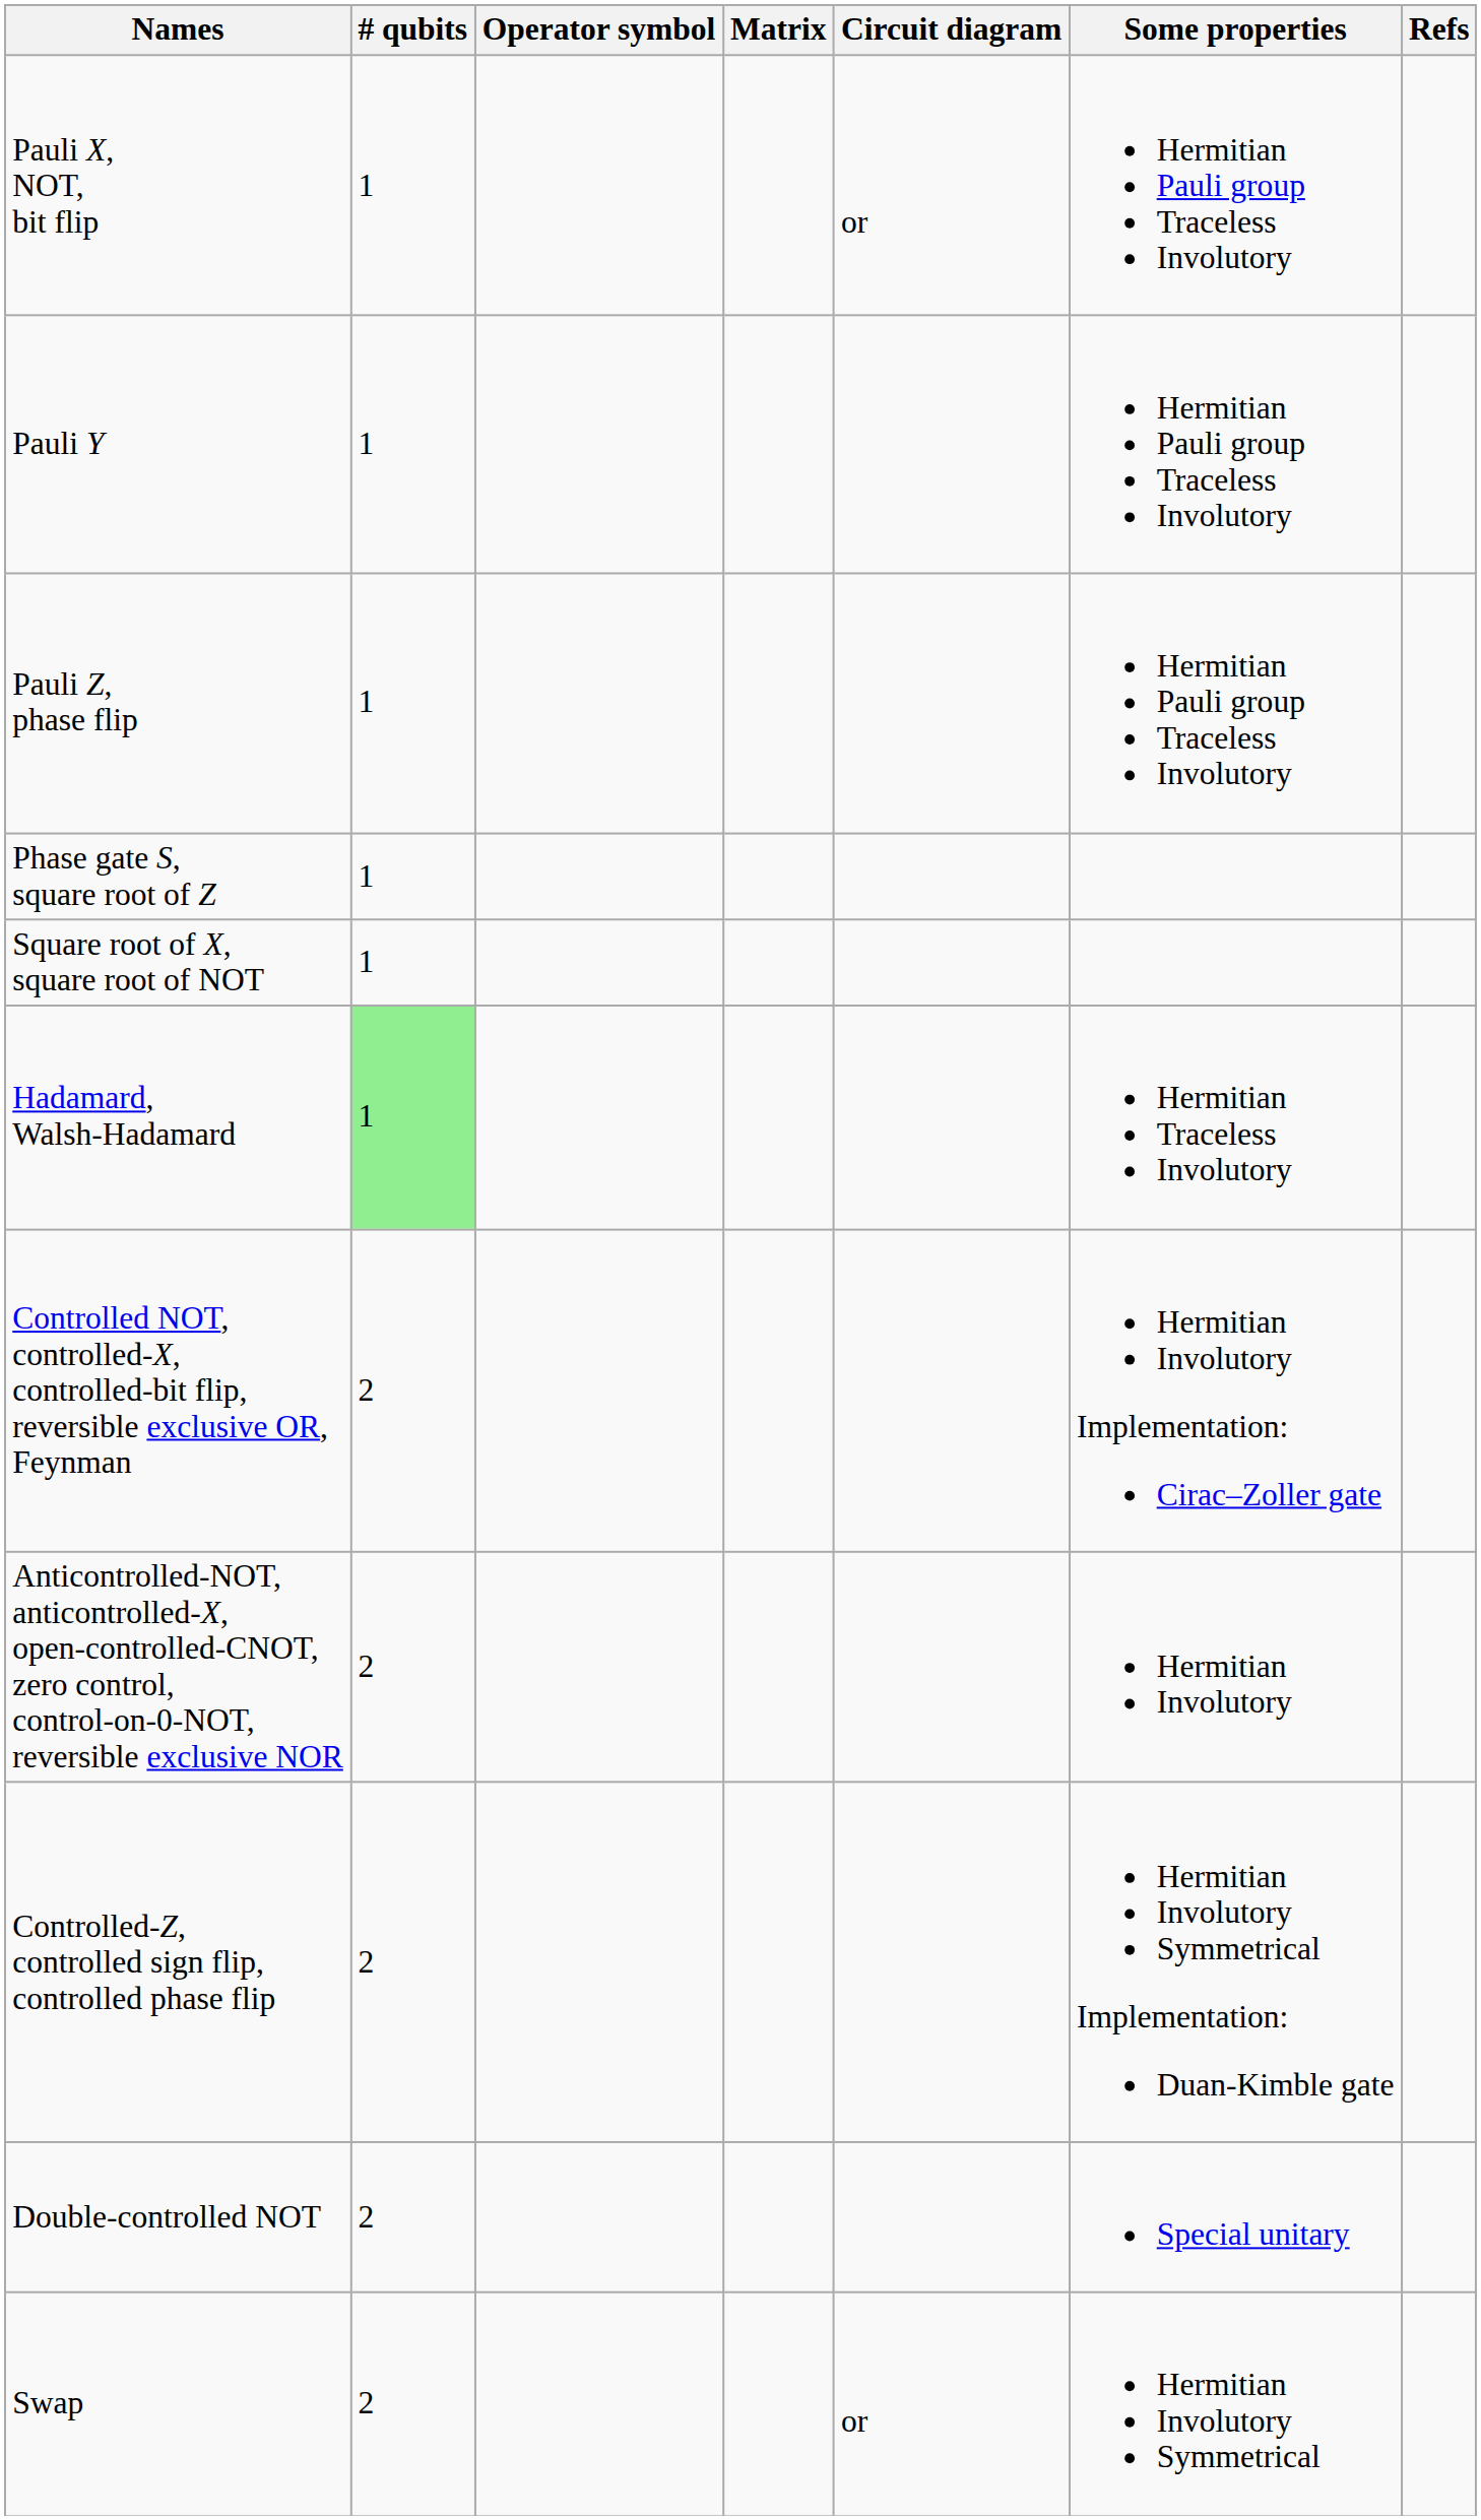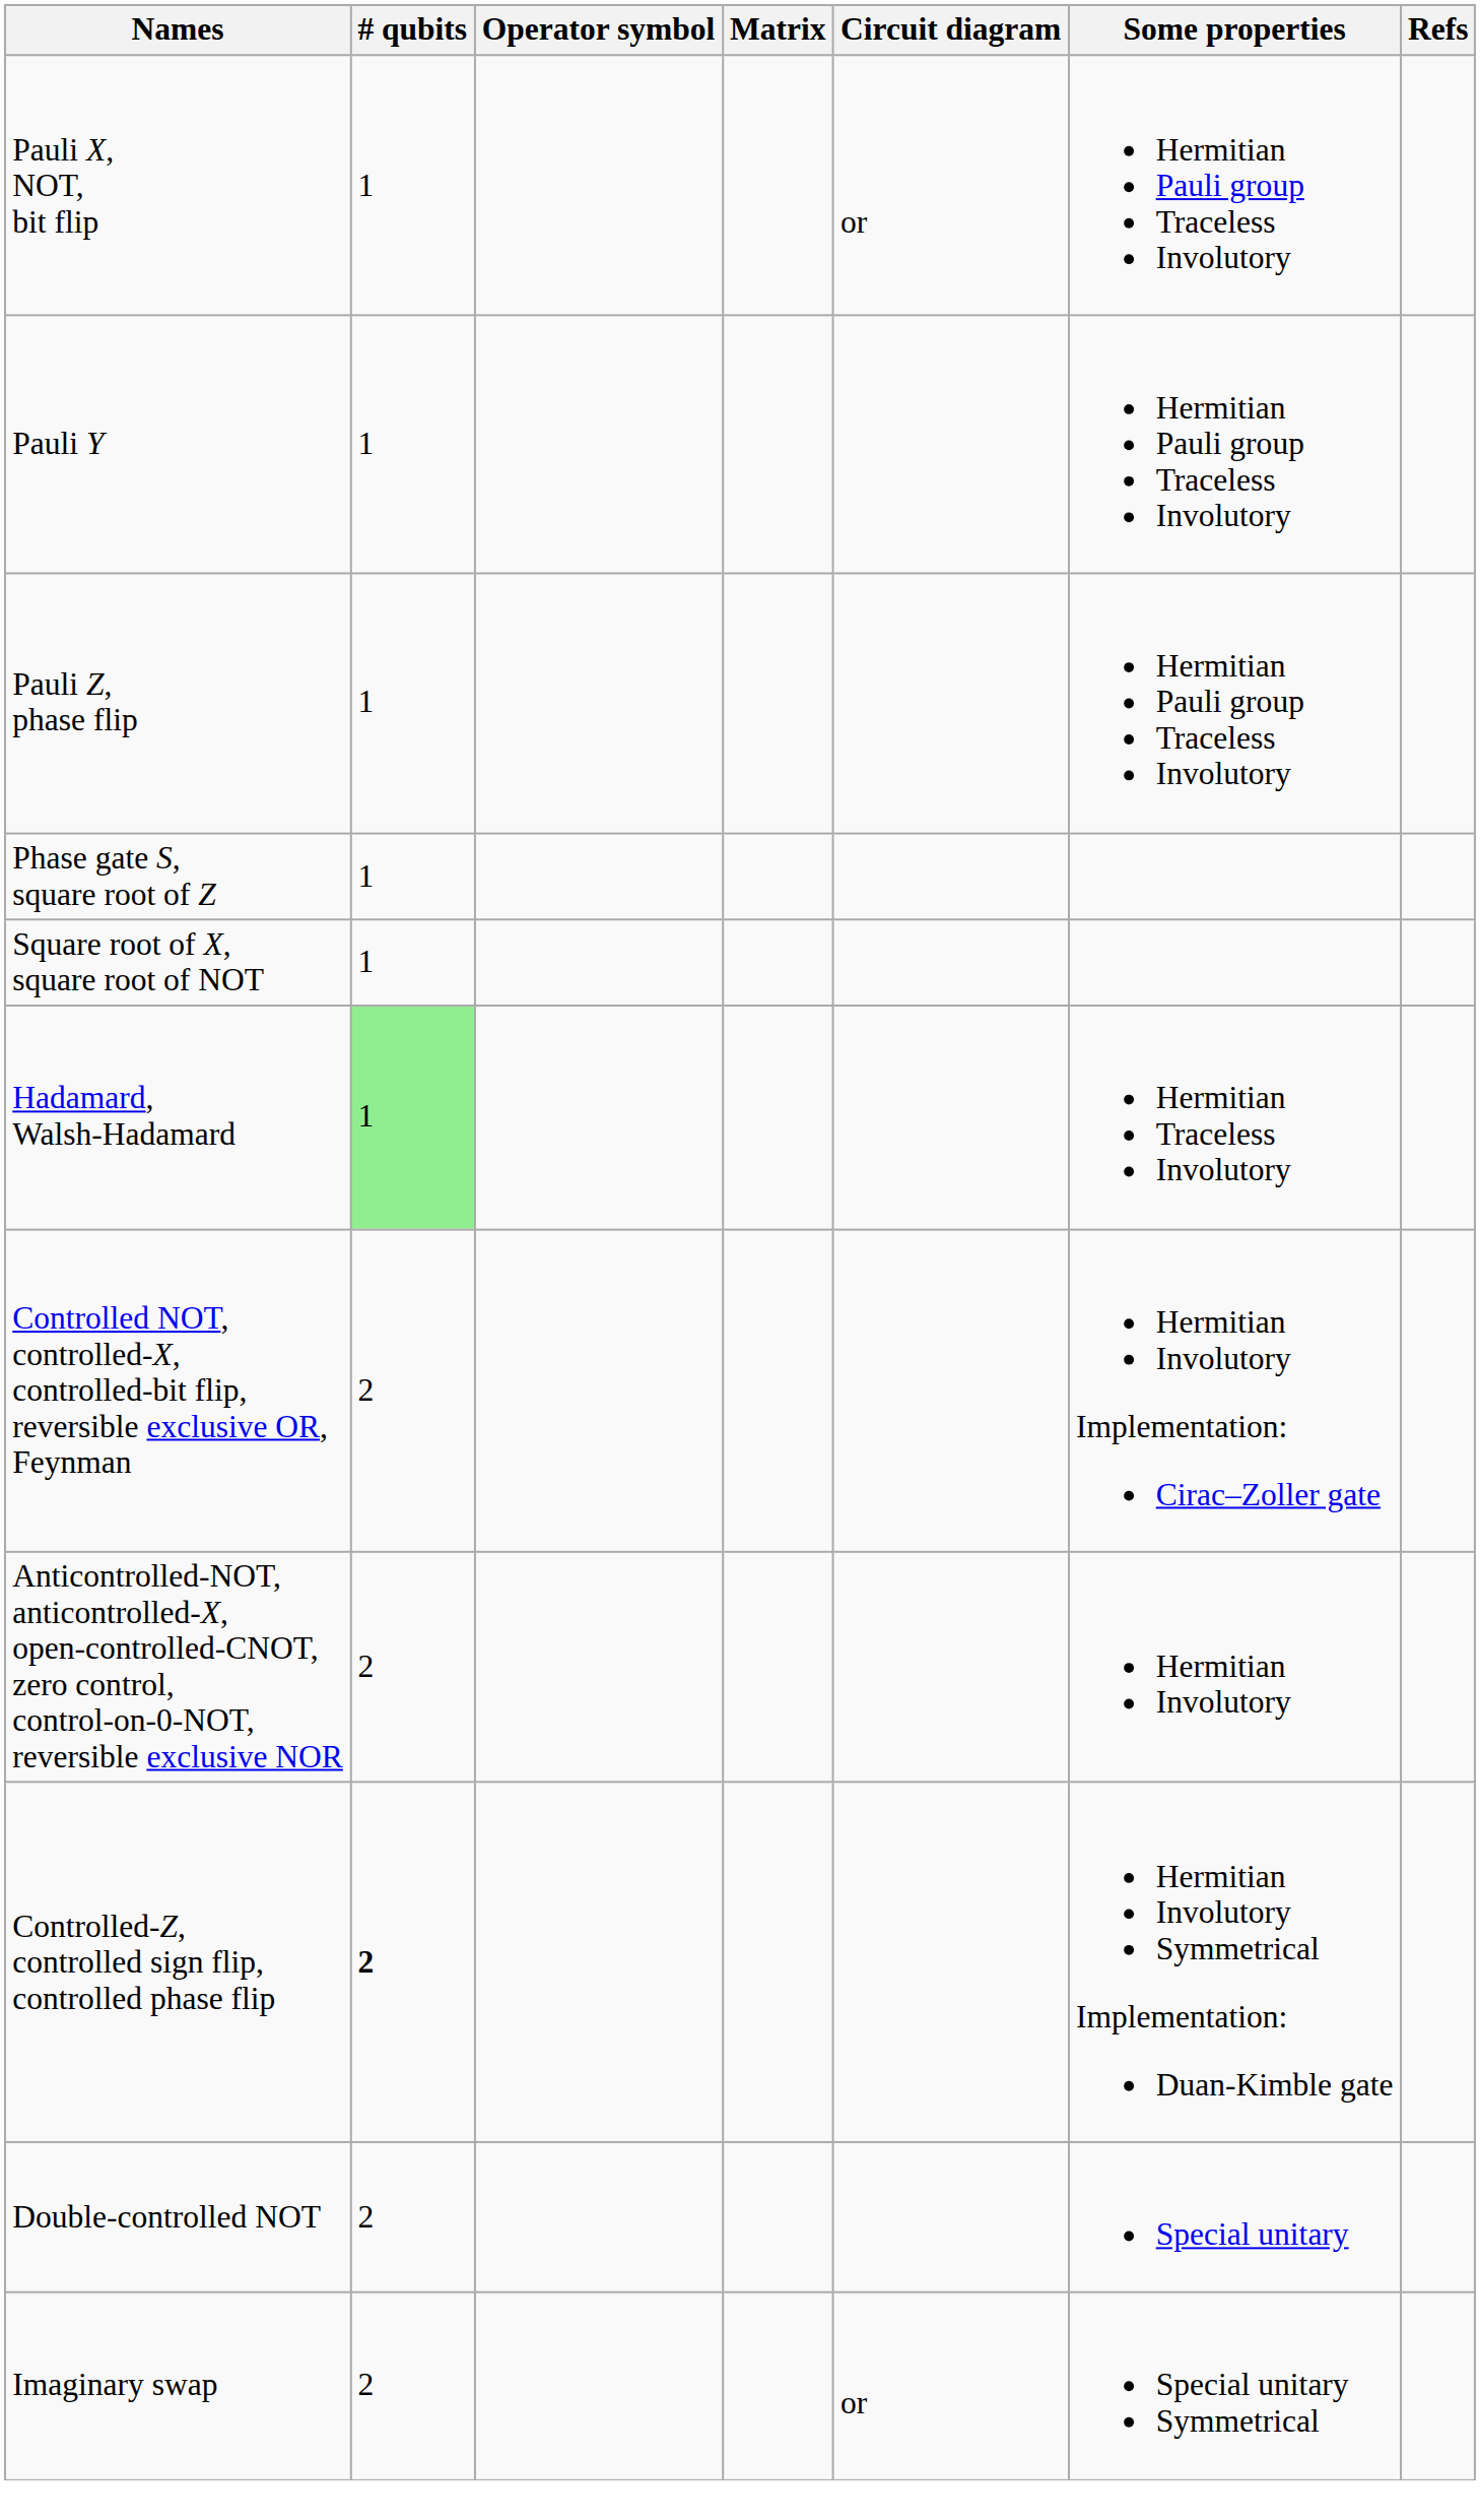 <table class="wikitable">
 <tr>
 <th>Names</th>
 <th># qubits</th>
 <th>Operator symbol</th>
 <th>Matrix</th>
 <th>Circuit diagram</th>
 <th>Some properties</th>
 <th>Refs</th>
 </tr>
 <tr>
 <td>Pauli <em>X</em>,<br>NOT,<br>bit flip</td>
 <td>1</td>
 <td></td>
 <td></td>
 <td><br><br> or<br> </td>
 <td><br><ul><li>Hermitian</li><li><a href='#'>Pauli group</a></li><li>Traceless</li><li>Involutory</li></ul></td>
 <td></td>
 </tr>
 <tr>
 <td>Pauli <em>Y</em></td>
 <td>1</td>
 <td></td>
 <td></td>
 <td></td>
 <td><br><ul><li>Hermitian</li><li>Pauli group</li><li>Traceless</li><li>Involutory</li></ul></td>
 <td></td>
 </tr>
 <tr>
 <td>Pauli <em>Z</em>,<br>phase flip</td>
 <td>1</td>
 <td></td>
 <td></td>
 <td></td>
 <td><br><ul><li>Hermitian</li><li>Pauli group</li><li>Traceless</li><li>Involutory</li></ul></td>
 <td></td>
 </tr>
 <tr>
 <td>Phase gate <em>S</em>, <br>square root of <em>Z</em></td>
 <td>1</td>
 <td></td>
 <td></td>
 <td></td>
 <td></td>
 <td></td>
 </tr>
 <tr>
 <td>Square root of <em>X</em>,<br>square root of NOT</td>
 <td>1</td>
 <td></td>
 <td></td>
 <td></td>
 <td></td>
 <td></td>
 </tr>
 <tr>
 <td><a href='#'>Hadamard</a>,<br>Walsh-Hadamard</td>
 <td style="background: lightgreen;">1</td>
 <td></td>
 <td></td>
 <td></td>
 <td><br><ul><li>Hermitian</li><li>Traceless</li><li>Involutory</li></ul></td>
 <td></td>
 </tr>
 <tr>
 <td><a href='#'>Controlled NOT</a>,<br>controlled-<em>X</em>,<br>controlled-bit flip,<br>reversible <a href='#'>exclusive OR</a>,<br>Feynman</td>
 <td>2</td>
 <td></td>
 <td><br></td>
 <td><br> <div></div></td>
 <td><br><ul><li>Hermitian</li><li>Involutory</li></ul>Implementation:<ul><li><a href='#'>Cirac–Zoller gate</a></li></ul></td>
 <td></td>
 </tr>
 <tr>
 <td>Anticontrolled-NOT,<br>anticontrolled-<em>X</em>,<br>open-controlled-CNOT,<br>zero control,<br>control-on-0-NOT,<br>reversible <a href='#'>exclusive NOR</a></td>
 <td>2</td>
 <td></td>
 <td></td>
 <td></td>
 <td><br><ul><li>Hermitian</li><li>Involutory</li></ul></td>
 <td></td>
 </tr>
 <tr>
 <td>Controlled-<em>Z</em>,<br>controlled sign flip,<br>controlled phase flip</td>
-<td>2</td>
+<td><strong>2</strong></td>
 <td></td>
 <td></td>
 <td></td>
 <td><br><ul><li>Hermitian</li><li>Involutory</li><li>Symmetrical</li></ul>Implementation:<ul><li>Duan-Kimble gate</li></ul></td>
 <td></td>
 </tr>
 <tr>
 <td>Double-controlled NOT</td>
 <td>2</td>
 <td></td>
 <td></td>
 <td></td>
 <td><br><ul><li><a href='#'>Special unitary</a></li></ul></td>
 <td></td>
 </tr>
 <tr>
-<td>Swap</td>
+<td>Imaginary swap</td>
 <td>2</td>
 <td></td>
 <td></td>
 <td><br>or<br></td>
-<td><br><ul><li>Hermitian</li><li>Involutory</li><li>Symmetrical</li></ul></td>
+<td><br><ul><li>Special unitary</li><li>Symmetrical</li></ul></td>
 <td></td>
 </tr>
 </table>
